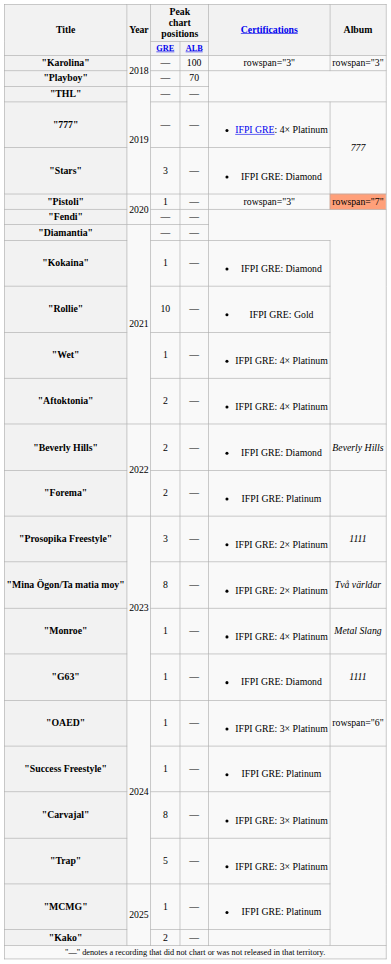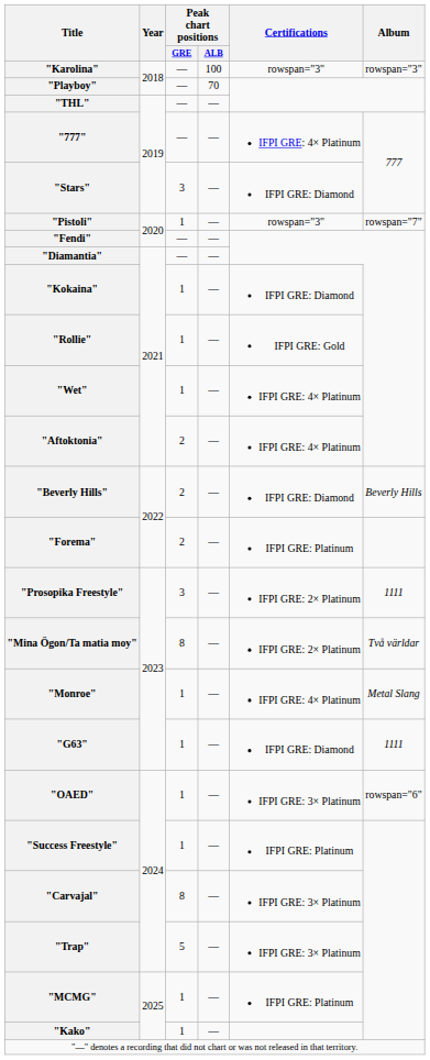 <table class="wikitable plainrowheaders" style="text-align:center;">
 <tr>
 <th scope="col" rowspan="2">Title</th>
 <th scope="col" rowspan="2">Year</th>
 <th scope="col" colspan="2">Peak<br>chart<br>positions</th>
 <th scope="col" rowspan="2"><a href='#'>Certifications</a></th>
 <th scope="col" rowspan="2">Album</th>
 </tr>
 <tr>
 <th style="width:3em; font-size:85%;"><a href='#'>GRE</a><br></th>
 <th style="width:3em; font-size:85%;"><a href='#'>ALB</a><br></th>
 </tr>
 <tr>
 <th scope="row">"Karolina"</th>
 <td rowspan="2">2018</td>
 <td>—</td>
 <td>100</td>
 <td>rowspan="3" </td>
 <td>rowspan="3" </td>
 </tr>
 <tr>
 <th scope="row">"Playboy"</th>
 <td>—</td>
 <td>70</td>
 </tr>
 <tr>
 <th scope="row">"THL"<br></th>
 <td rowspan="3">2019</td>
 <td>—</td>
 <td>—</td>
 </tr>
 <tr>
 <th scope="row">"777"</th>
 <td>—</td>
 <td>—</td>
 <td><br><ul><li><a href='#'>IFPI GRE</a>: 4× Platinum</li></ul></td>
 <td rowspan="2"><em>777</em></td>
 </tr>
 <tr>
 <th scope="row">"Stars"<br></th>
 <td>3</td>
 <td>—</td>
 <td><br><ul><li>IFPI GRE: Diamond</li></ul></td>
 </tr>
 <tr>
 <th scope="row">"Pistoli"<br></th>
 <td rowspan="2">2020</td>
 <td>1</td>
 <td>—</td>
 <td>rowspan="3" </td>
-<td style="background: lightsalmon;">rowspan="7" </td>
+<td>rowspan="7" </td>
 </tr>
 <tr>
 <th scope="row">"Fendi"<br></th>
 <td>—</td>
 <td>—</td>
 </tr>
 <tr>
 <th scope="row">"Diamantia"<br></th>
 <td rowspan="5">2021</td>
 <td>—</td>
 <td>—</td>
 </tr>
 <tr>
 <th scope="row">"Kokaina"</th>
 <td>1</td>
 <td>—</td>
 <td><br><ul><li>IFPI GRE: Diamond</li></ul></td>
 </tr>
 <tr>
 <th scope="row">"Rollie"</th>
-<td>10</td>
+<td>1</td>
 <td>—</td>
 <td><br><ul><li>IFPI GRE: Gold</li></ul></td>
 </tr>
 <tr>
 <th scope="row">"Wet"<br></th>
 <td>1</td>
 <td>—</td>
 <td><br><ul><li>IFPI GRE: 4× Platinum</li></ul></td>
 </tr>
 <tr>
 <th scope="row">"Aftoktonia"<br></th>
 <td>2</td>
 <td>—</td>
 <td><br><ul><li>IFPI GRE: 4× Platinum</li></ul></td>
 </tr>
 <tr>
 <th scope="row">"Beverly Hills"</th>
 <td rowspan="2">2022</td>
 <td>2</td>
 <td>—</td>
 <td><br><ul><li>IFPI GRE: Diamond</li></ul></td>
 <td><em>Beverly Hills</em></td>
 </tr>
 <tr>
 <th scope="row">"Forema"<br></th>
 <td>2</td>
 <td>—</td>
 <td><br><ul><li>IFPI GRE: Platinum</li></ul></td>
 <td></td>
 </tr>
 <tr>
 <th scope="row">"Prosopika Freestyle"<br></th>
 <td rowspan="4">2023</td>
 <td>3</td>
 <td>—</td>
 <td><br><ul><li>IFPI GRE: 2× Platinum</li></ul></td>
 <td><em>1111</em></td>
 </tr>
 <tr>
 <th scope="row">"Mina Ögon/Ta matia moy"<br></th>
 <td>8</td>
 <td>—</td>
 <td><br><ul><li>IFPI GRE: 2× Platinum</li></ul></td>
 <td><em>Två världar</em></td>
 </tr>
 <tr>
 <th scope="row">"Monroe"<br></th>
 <td>1</td>
 <td>—</td>
 <td><br><ul><li>IFPI GRE: 4× Platinum</li></ul></td>
 <td><em>Metal Slang</em></td>
 </tr>
 <tr>
 <th scope="row">"G63"<br></th>
 <td>1</td>
 <td>—</td>
 <td><br><ul><li>IFPI GRE: Diamond</li></ul></td>
 <td><em>1111</em></td>
 </tr>
 <tr>
 <th scope="row">"OAED"<br></th>
 <td rowspan="4">2024</td>
 <td>1</td>
 <td>—</td>
 <td><br><ul><li>IFPI GRE: 3× Platinum</li></ul></td>
 <td>rowspan="6" </td>
 </tr>
 <tr>
 <th scope="row">"Success Freestyle"<br></th>
 <td>1</td>
 <td>—</td>
 <td><br><ul><li>IFPI GRE: Platinum</li></ul></td>
 </tr>
 <tr>
 <th scope="row">"Carvajal"<br></th>
 <td>8</td>
 <td>—</td>
 <td><br><ul><li>IFPI GRE: 3× Platinum</li></ul></td>
 </tr>
 <tr>
 <th scope="row">"Trap"<br></th>
 <td>5</td>
 <td>—</td>
 <td><br><ul><li>IFPI GRE: 3× Platinum</li></ul></td>
 </tr>
 <tr>
 <th scope="row">"MCMG"<br></th>
 <td rowspan="2">2025</td>
 <td>1</td>
 <td>—</td>
 <td><br><ul><li>IFPI GRE: Platinum</li></ul></td>
 </tr>
 <tr>
 <th scope="row">"Kako"<br></th>
-<td>2</td>
+<td>1</td>
 <td>—</td>
 <td></td>
 </tr>
 <tr>
 <td colspan="6" style="font-size:85%">"—" denotes a recording that did not chart or was not released in that territory.</td>
 </tr>
 </table>
